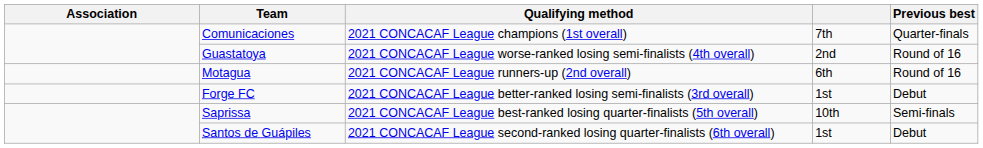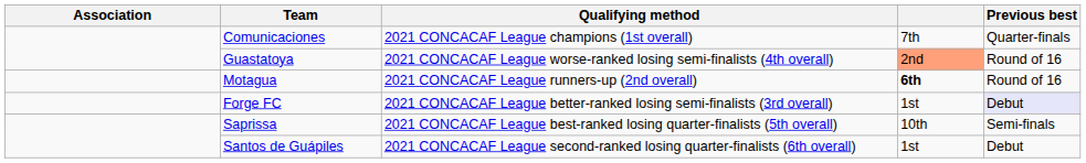 <table class="wikitable" style="table-layout:fixed;">
 <tr>
 <th width=20%>Association</th>
 <th width=15%>Team</th>
 <th width=48%>Qualifying method</th>
 <th width=8%> </th>
 <th width=14%>Previous best </th>
 </tr>
 <tr>
 <td rowspan="2"></td>
 <td><a href='#'>Comunicaciones</a></td>
 <td><a href='#'>2021 CONCACAF League</a> champions (<a href='#'>1st overall</a>)</td>
 <td>7th </td>
 <td>Quarter-finals </td>
 </tr>
 <tr>
 <td><a href='#'>Guastatoya</a></td>
 <td><a href='#'>2021 CONCACAF League</a> worse-ranked losing semi-finalists (<a href='#'>4th overall</a>)</td>
-<td>2nd </td>
+<td style="background: lightsalmon;">2nd </td>
 <td>Round of 16 </td>
 </tr>
 <tr>
 <td></td>
 <td><a href='#'>Motagua</a></td>
 <td><a href='#'>2021 CONCACAF League</a> runners-up (<a href='#'>2nd overall</a>)</td>
-<td>6th </td>
+<td><strong>6th </strong></td>
 <td>Round of 16 </td>
 </tr>
 <tr>
 <td></td>
 <td><a href='#'>Forge FC</a></td>
 <td><a href='#'>2021 CONCACAF League</a> better-ranked losing semi-finalists (<a href='#'>3rd overall</a>)</td>
 <td>1st</td>
-<td>Debut</td>
+<td style="background: lavender;">Debut</td>
 </tr>
 <tr>
 <td rowspan="2"></td>
 <td><a href='#'>Saprissa</a></td>
 <td><a href='#'>2021 CONCACAF League</a> best-ranked losing quarter-finalists (<a href='#'>5th overall</a>)</td>
 <td>10th </td>
 <td>Semi-finals </td>
 </tr>
 <tr>
 <td><a href='#'>Santos de Guápiles</a></td>
 <td><a href='#'>2021 CONCACAF League</a> second-ranked losing quarter-finalists (<a href='#'>6th overall</a>)</td>
 <td>1st</td>
 <td>Debut</td>
 </tr>
 </table>
